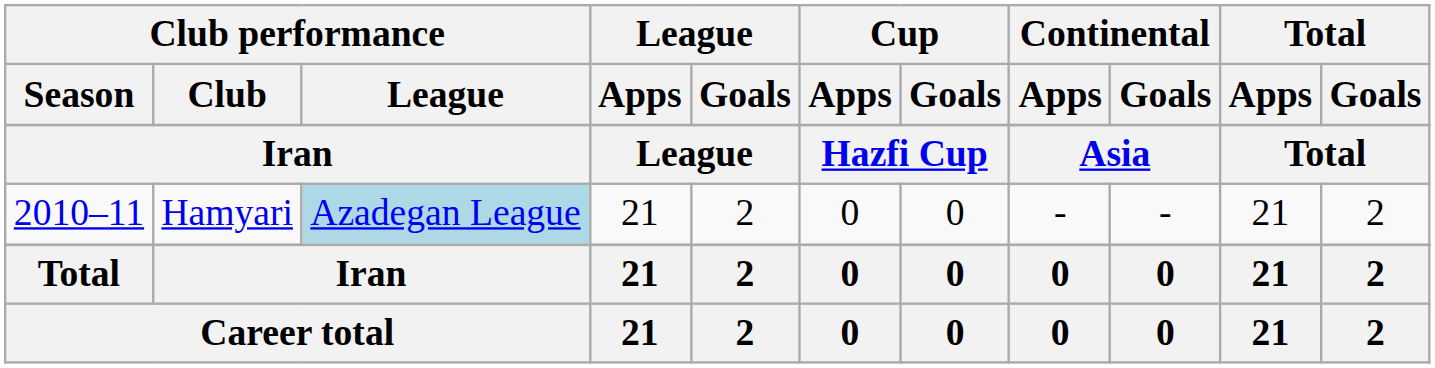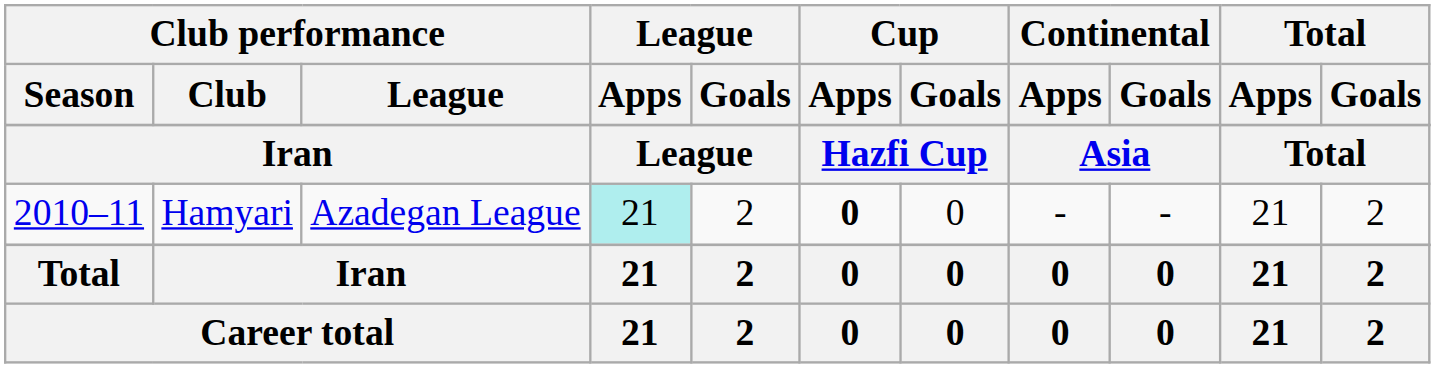 <table class="wikitable" style="text-align:center">
 <tr>
 <th colspan=3>Club performance</th>
 <th colspan=2>League</th>
 <th colspan=2>Cup</th>
 <th colspan=2>Continental</th>
 <th colspan=2>Total</th>
 </tr>
 <tr>
 <th>Season</th>
 <th>Club</th>
 <th>League</th>
 <th>Apps</th>
 <th>Goals</th>
 <th>Apps</th>
 <th>Goals</th>
 <th>Apps</th>
 <th>Goals</th>
 <th>Apps</th>
 <th>Goals</th>
 </tr>
 <tr>
 </tr>
 <tr>
 <th colspan=3>Iran</th>
 <th colspan=2>League</th>
 <th colspan=2><a href='#'>Hazfi Cup</a></th>
 <th colspan=2><a href='#'>Asia</a></th>
 <th colspan=2>Total</th>
 </tr>
 <tr>
 <td><a href='#'>2010–11</a></td>
 <td rowspan="1"><a href='#'>Hamyari</a></td>
-<td rowspan="1" style="background: lightblue;"><a href='#'>Azadegan League</a></td>
-<td>21</td>
+<td rowspan="1"><a href='#'>Azadegan League</a></td>
+<td style="background: paleturquoise;">21</td>
 <td>2</td>
-<td>0</td>
+<td><strong>0</strong></td>
 <td>0</td>
 <td>-</td>
 <td>-</td>
 <td>21</td>
 <td>2</td>
 </tr>
 <tr>
 </tr>
 <tr>
 <th rowspan=1>Total</th>
 <th colspan=2>Iran</th>
 <th>21</th>
 <th>2</th>
 <th>0</th>
 <th>0</th>
 <th>0</th>
 <th>0</th>
 <th>21</th>
 <th>2</th>
 </tr>
 <tr>
 <th colspan=3>Career total</th>
 <th>21</th>
 <th>2</th>
 <th>0</th>
 <th>0</th>
 <th>0</th>
 <th>0</th>
 <th>21</th>
 <th>2</th>
 </tr>
 </table>
